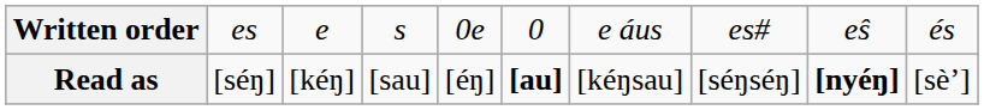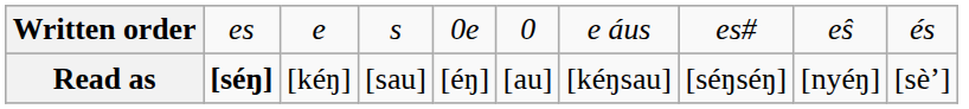 <table class=wikitable>
 <tr align=center>
 <th>Written order</th>
 <td><em>es</em></td>
 <td><em>e</em></td>
 <td><em>s</em></td>
 <td><em>0e</em></td>
 <td><em>0</em></td>
 <td><em>e áus</em></td>
 <td><em>es#</em></td>
 <td><em>eŝ</em></td>
 <td><em>és</em></td>
 </tr>
 <tr align=center>
 <th>Read as</th>
-<td>[séŋ]</td>
+<td><strong>[séŋ]</strong></td>
 <td>[kéŋ]</td>
 <td>[sau]</td>
 <td>[éŋ]</td>
-<td><strong>[au]</strong></td>
+<td>[au]</td>
 <td>[kéŋsau]</td>
 <td>[séŋséŋ]</td>
-<td><strong>[nyéŋ]</strong></td>
+<td>[nyéŋ]</td>
 <td>[sè’]</td>
 </tr>
 </table>
